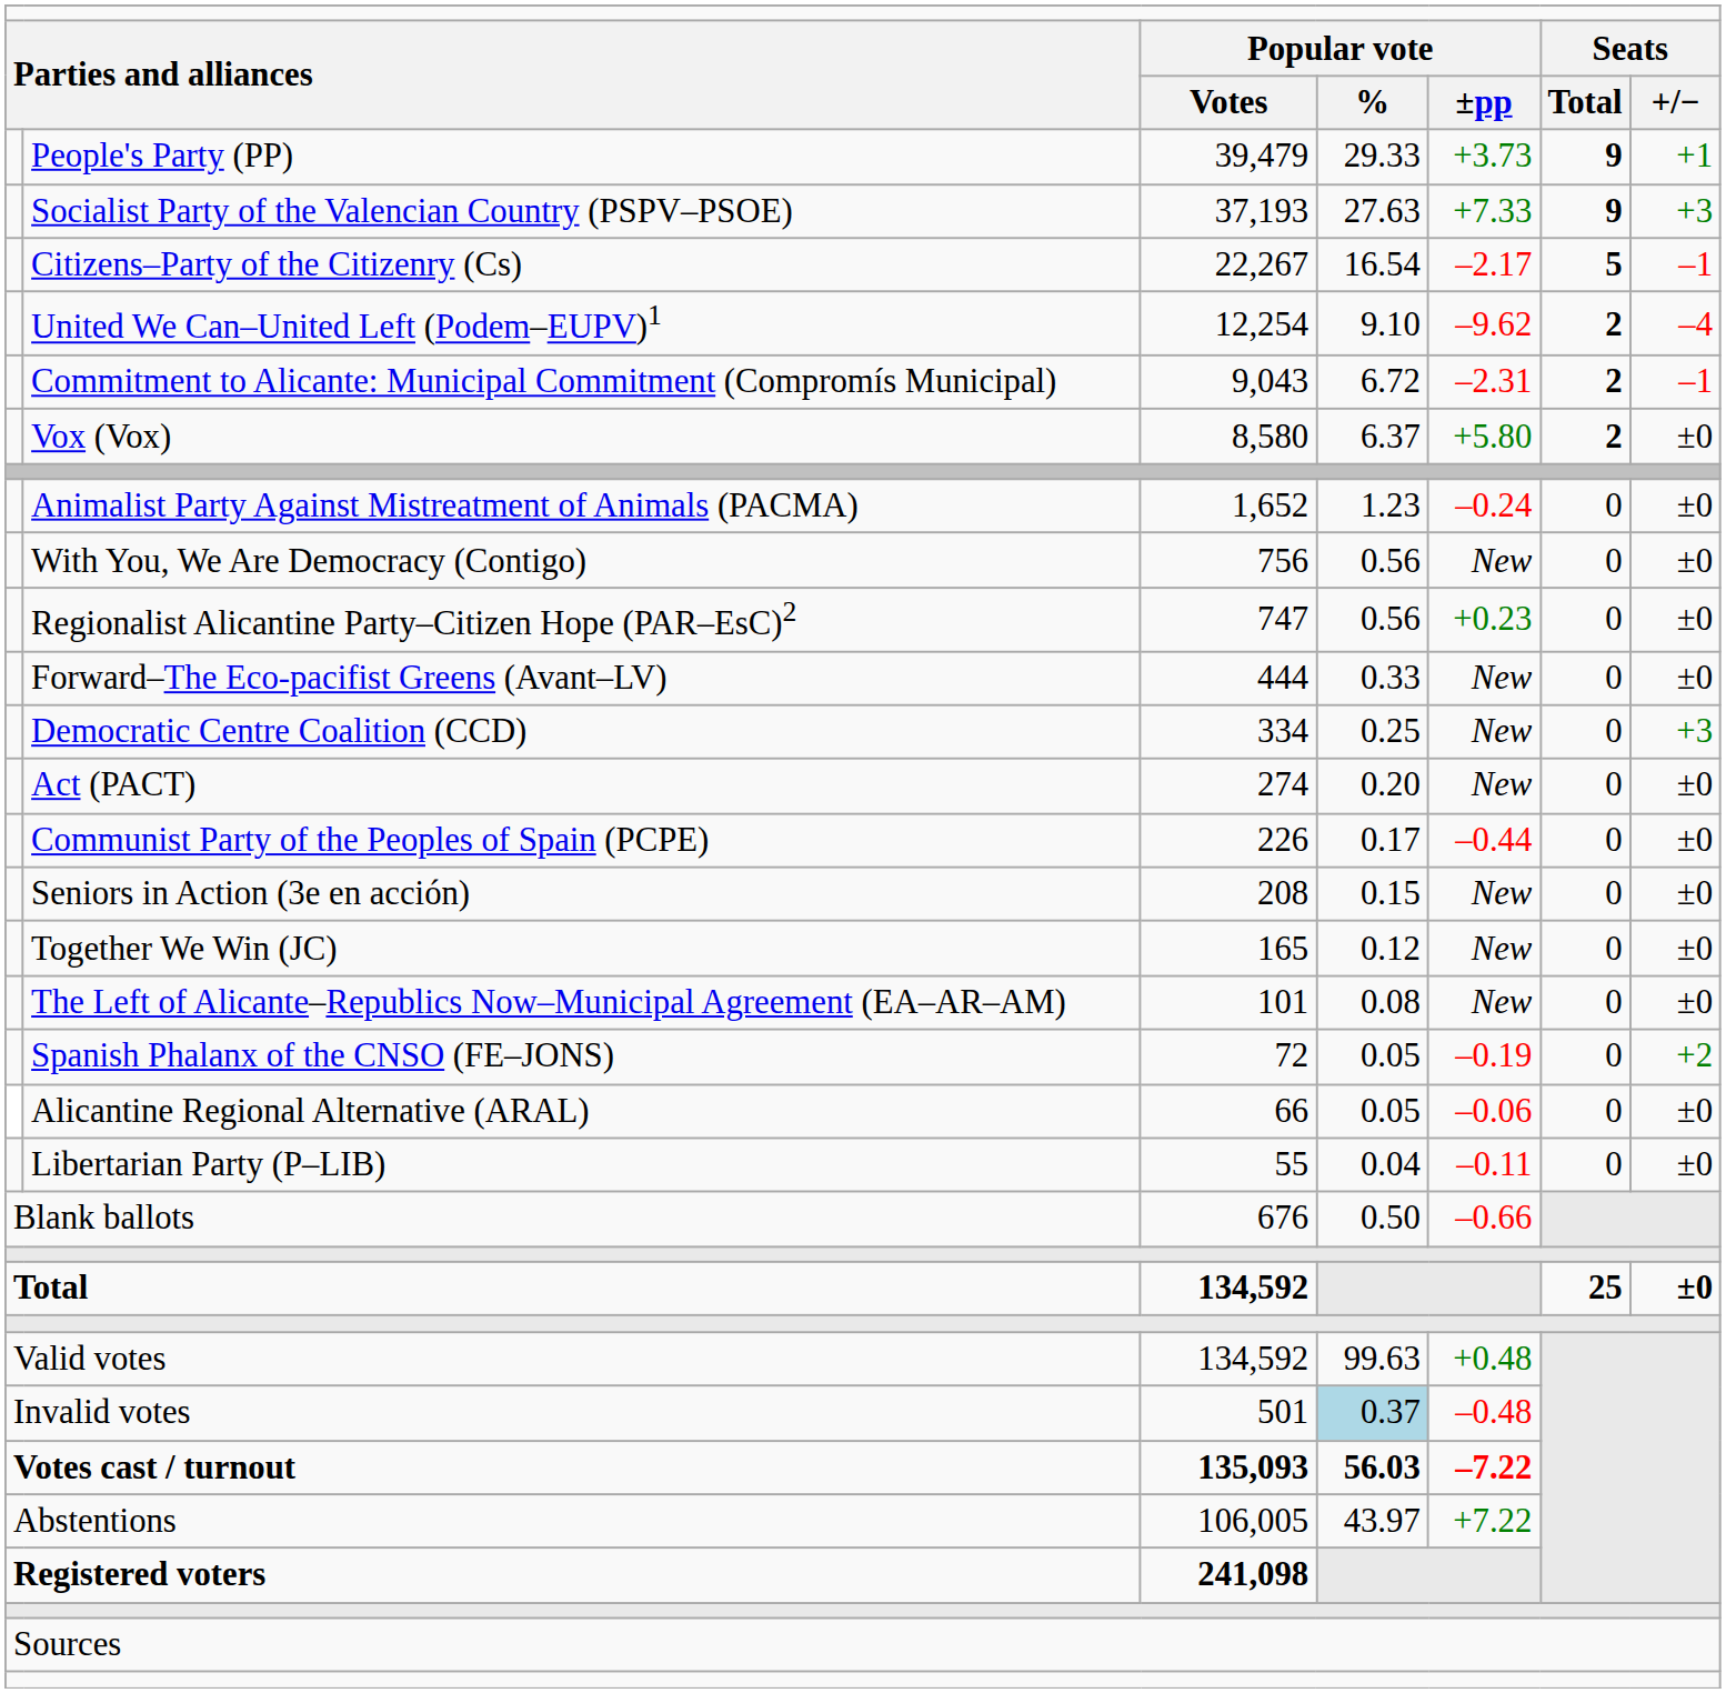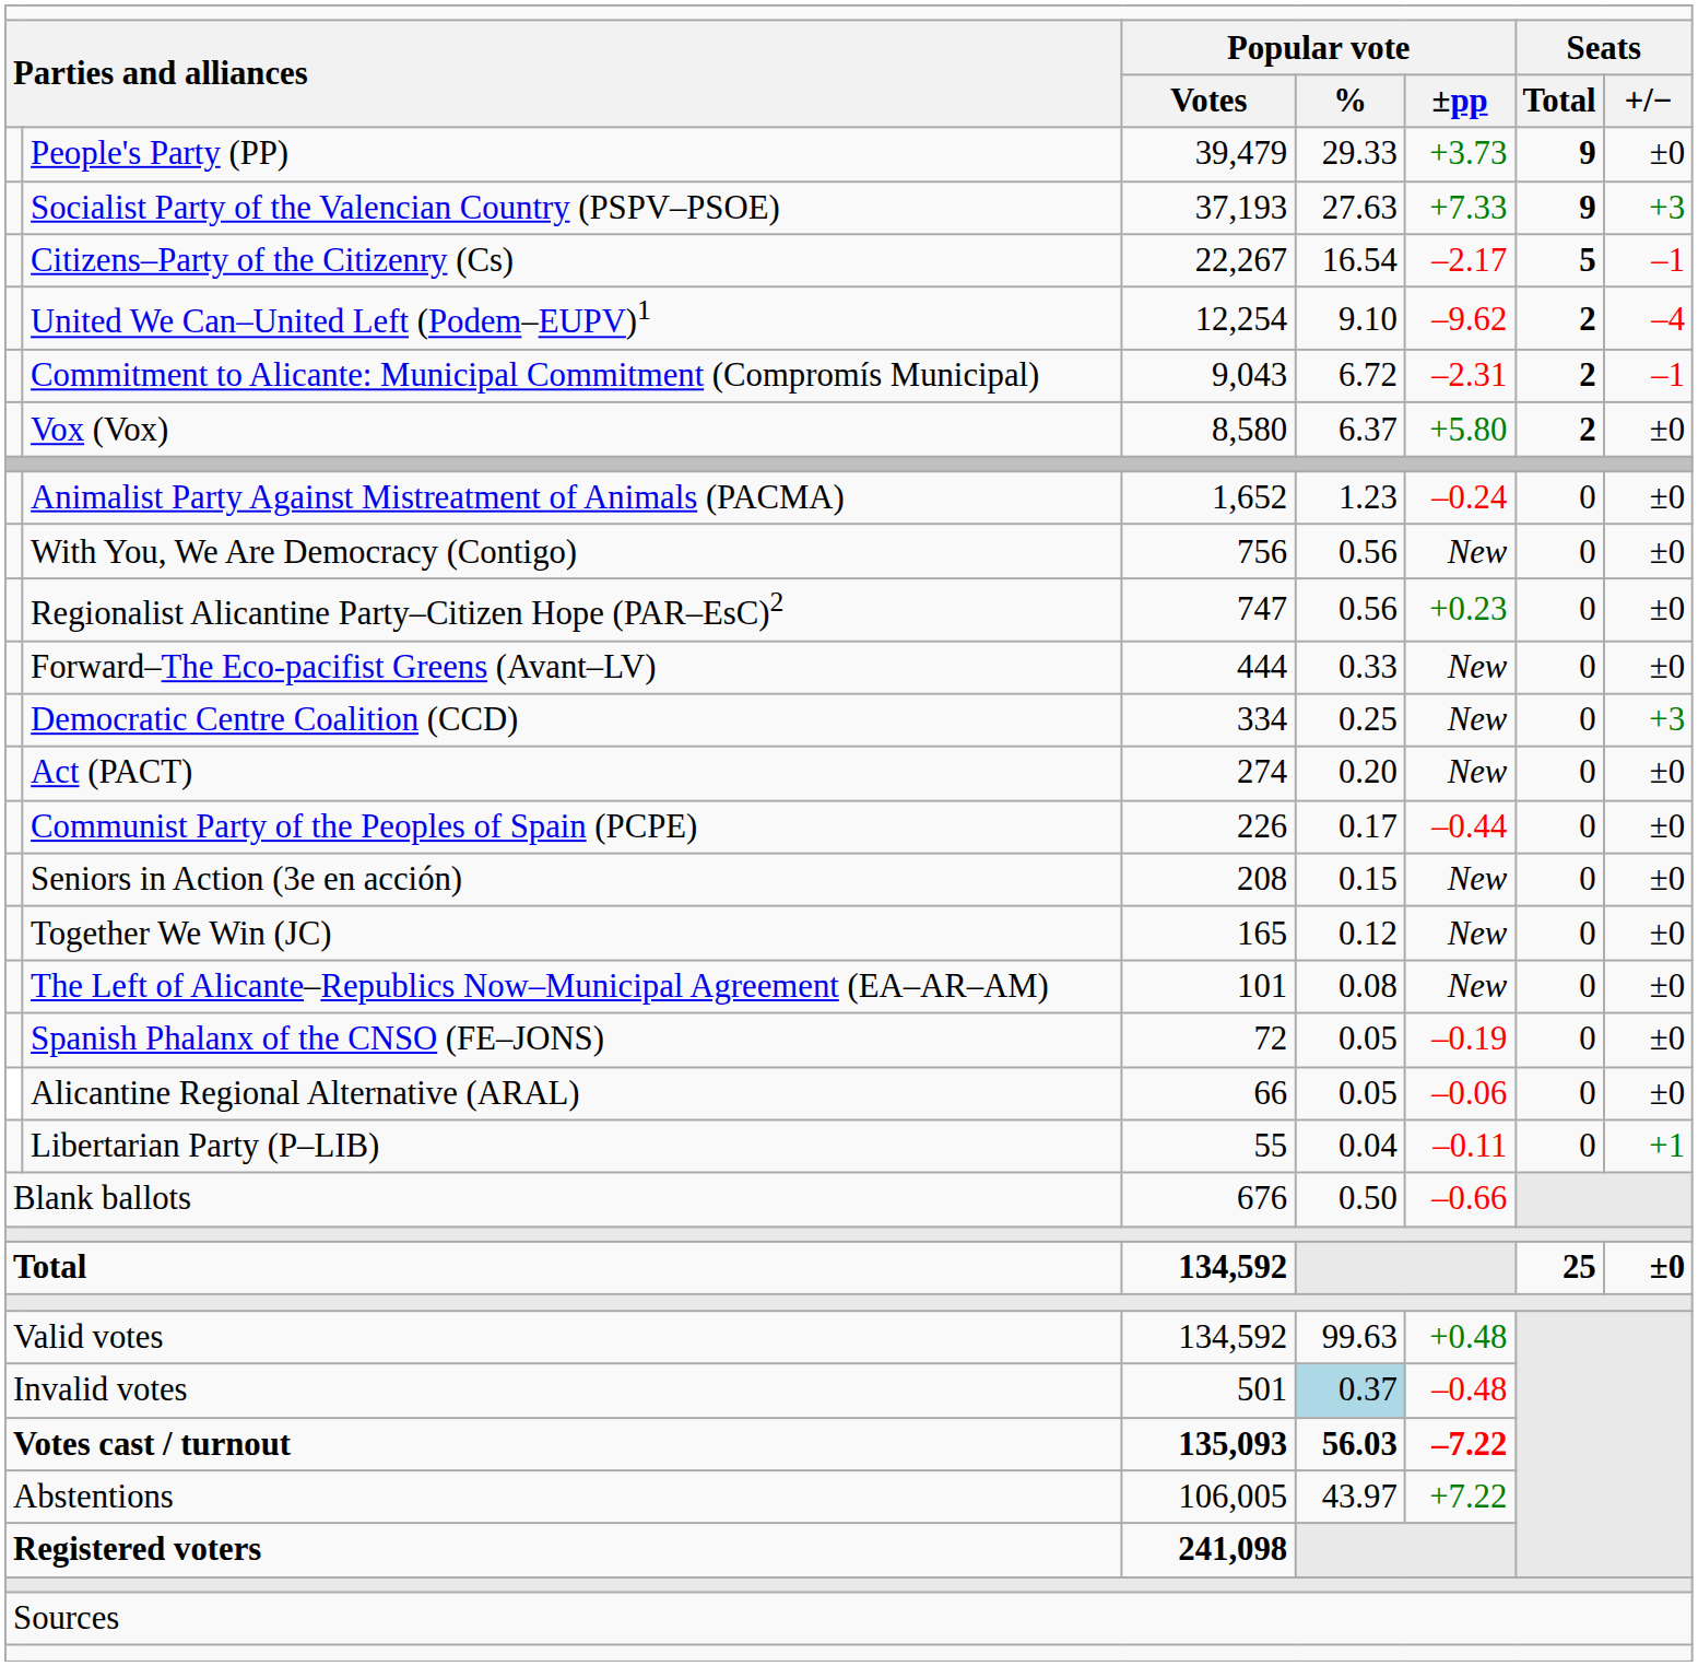 <table class="wikitable" style="text-align:right;">
 <tr>
 <td colspan="7"></td>
 </tr>
 <tr>
 <th style="text-align:left;" rowspan="2" colspan="2" width="525">Parties and alliances</th>
 <th colspan="3">Popular vote</th>
 <th colspan="2">Seats</th>
 </tr>
 <tr>
 <th width="75">Votes</th>
 <th width="45">%</th>
 <th width="45">±<a href='#'>pp</a></th>
 <th width="35">Total</th>
 <th width="35">+/−</th>
 </tr>
 <tr>
 <td width="1" style="color:inherit;background:"></td>
 <td align="left"><a href='#'>People's Party</a> (PP)</td>
 <td>39,479</td>
 <td>29.33</td>
 <td style="color:green;">+3.73</td>
 <td><strong>9</strong></td>
-<td style="color:green;">+1</td>
+<td>±0</td>
 </tr>
 <tr>
 <td style="color:inherit;background:"></td>
 <td align="left"><a href='#'>Socialist Party of the Valencian Country</a> (PSPV–PSOE)</td>
 <td>37,193</td>
 <td>27.63</td>
 <td style="color:green;">+7.33</td>
 <td><strong>9</strong></td>
 <td style="color:green;">+3</td>
 </tr>
 <tr>
 <td style="color:inherit;background:"></td>
 <td align="left"><a href='#'>Citizens–Party of the Citizenry</a> (Cs)</td>
 <td>22,267</td>
 <td>16.54</td>
 <td style="color:red;">–2.17</td>
 <td><strong>5</strong></td>
 <td style="color:red;">–1</td>
 </tr>
 <tr>
 <td style="color:inherit;background:"></td>
 <td align="left"><a href='#'>United We Can–United Left</a> (<a href='#'>Podem</a>–<a href='#'>EUPV</a>)<sup>1</sup></td>
 <td>12,254</td>
 <td>9.10</td>
 <td style="color:red;">–9.62</td>
 <td><strong>2</strong></td>
 <td style="color:red;">–4</td>
 </tr>
 <tr>
 <td style="color:inherit;background:"></td>
 <td align="left"><a href='#'>Commitment to Alicante: Municipal Commitment</a> (Compromís Municipal)</td>
 <td>9,043</td>
 <td>6.72</td>
 <td style="color:red;">–2.31</td>
 <td><strong>2</strong></td>
 <td style="color:red;">–1</td>
 </tr>
 <tr>
 <td style="color:inherit;background:"></td>
 <td align="left"><a href='#'>Vox</a> (Vox)</td>
 <td>8,580</td>
 <td>6.37</td>
 <td style="color:green;">+5.80</td>
 <td><strong>2</strong></td>
 <td>±0</td>
 </tr>
 <tr>
 <td colspan="7" bgcolor="#C0C0C0"></td>
 </tr>
 <tr>
 <td style="color:inherit;background:"></td>
 <td align="left"><a href='#'>Animalist Party Against Mistreatment of Animals</a> (PACMA)</td>
 <td>1,652</td>
 <td>1.23</td>
 <td style="color:red;">–0.24</td>
 <td>0</td>
 <td>±0</td>
 </tr>
 <tr>
 <td style="color:inherit;background:"></td>
 <td align="left">With You, We Are Democracy (Contigo)</td>
 <td>756</td>
 <td>0.56</td>
 <td><em>New</em></td>
 <td>0</td>
 <td>±0</td>
 </tr>
 <tr>
 <td style="color:inherit;background:"></td>
 <td align="left">Regionalist Alicantine Party–Citizen Hope (PAR–EsC)<sup>2</sup></td>
 <td>747</td>
 <td>0.56</td>
 <td style="color:green;">+0.23</td>
 <td>0</td>
 <td>±0</td>
 </tr>
 <tr>
 <td style="color:inherit;background:"></td>
 <td align="left">Forward–<a href='#'>The Eco-pacifist Greens</a> (Avant–LV)</td>
 <td>444</td>
 <td>0.33</td>
 <td><em>New</em></td>
 <td>0</td>
 <td>±0</td>
 </tr>
 <tr>
 <td style="color:inherit;background:"></td>
 <td align="left"><a href='#'>Democratic Centre Coalition</a> (CCD)</td>
 <td>334</td>
 <td>0.25</td>
 <td><em>New</em></td>
 <td>0</td>
 <td style="color:green;">+3</td>
 </tr>
 <tr>
 <td style="color:inherit;background:"></td>
 <td align="left"><a href='#'>Act</a> (PACT)</td>
 <td>274</td>
 <td>0.20</td>
 <td><em>New</em></td>
 <td>0</td>
 <td>±0</td>
 </tr>
 <tr>
 <td style="color:inherit;background:"></td>
 <td align="left"><a href='#'>Communist Party of the Peoples of Spain</a> (PCPE)</td>
 <td>226</td>
 <td>0.17</td>
 <td style="color:red;">–0.44</td>
 <td>0</td>
 <td>±0</td>
 </tr>
 <tr>
 <td style="color:inherit;background:"></td>
 <td align="left">Seniors in Action (3e en acción)</td>
 <td>208</td>
 <td>0.15</td>
 <td><em>New</em></td>
 <td>0</td>
 <td>±0</td>
 </tr>
 <tr>
 <td style="color:inherit;background:"></td>
 <td align="left">Together We Win (JC)</td>
 <td>165</td>
 <td>0.12</td>
 <td><em>New</em></td>
 <td>0</td>
 <td>±0</td>
 </tr>
 <tr>
 <td style="color:inherit;background:"></td>
 <td align="left"><a href='#'>The Left of Alicante</a>–<a href='#'>Republics Now–Municipal Agreement</a> (EA–AR–AM)</td>
 <td>101</td>
 <td>0.08</td>
 <td><em>New</em></td>
 <td>0</td>
 <td>±0</td>
 </tr>
 <tr>
 <td style="color:inherit;background:"></td>
 <td align="left"><a href='#'>Spanish Phalanx of the CNSO</a> (FE–JONS)</td>
 <td>72</td>
 <td>0.05</td>
 <td style="color:red;">–0.19</td>
 <td>0</td>
-<td style="color:green;">+2</td>
+<td>±0</td>
 </tr>
 <tr>
 <td bgcolor="white"></td>
 <td align="left">Alicantine Regional Alternative (ARAL)</td>
 <td>66</td>
 <td>0.05</td>
 <td style="color:red;">–0.06</td>
 <td>0</td>
 <td>±0</td>
 </tr>
 <tr>
 <td style="color:inherit;background:"></td>
 <td align="left">Libertarian Party (P–LIB)</td>
 <td>55</td>
 <td>0.04</td>
 <td style="color:red;">–0.11</td>
 <td>0</td>
-<td>±0</td>
+<td style="color:green;">+1</td>
 </tr>
 <tr>
 <td align="left" colspan="2">Blank ballots</td>
 <td>676</td>
 <td>0.50</td>
 <td style="color:red;">–0.66</td>
 <td bgcolor="#E9E9E9" colspan="2"></td>
 </tr>
 <tr>
 <td colspan="7" bgcolor="#E9E9E9"></td>
 </tr>
 <tr style="font-weight:bold;">
 <td align="left" colspan="2">Total</td>
 <td>134,592</td>
 <td bgcolor="#E9E9E9" colspan="2"></td>
 <td>25</td>
 <td>±0</td>
 </tr>
 <tr>
 <td colspan="7" bgcolor="#E9E9E9"></td>
 </tr>
 <tr>
 <td align="left" colspan="2">Valid votes</td>
 <td>134,592</td>
 <td>99.63</td>
 <td style="color:green;">+0.48</td>
 <td bgcolor="#E9E9E9" colspan="2" rowspan="5"></td>
 </tr>
 <tr>
 <td align="left" colspan="2">Invalid votes</td>
 <td>501</td>
 <td style="background: lightblue;">0.37</td>
 <td style="color:red;">–0.48</td>
 </tr>
 <tr style="font-weight:bold;">
 <td align="left" colspan="2">Votes cast / turnout</td>
 <td>135,093</td>
 <td>56.03</td>
 <td style="color:red;">–7.22</td>
 </tr>
 <tr>
 <td align="left" colspan="2">Abstentions</td>
 <td>106,005</td>
 <td>43.97</td>
 <td style="color:green;">+7.22</td>
 </tr>
 <tr style="font-weight:bold;">
 <td align="left" colspan="2">Registered voters</td>
 <td>241,098</td>
 <td bgcolor="#E9E9E9" colspan="2"></td>
 </tr>
 <tr>
 <td colspan="7" bgcolor="#E9E9E9"></td>
 </tr>
 <tr>
 <td align="left" colspan="7">Sources</td>
 </tr>
 <tr>
 <td colspan="7" style="text-align:left; max-width:790px;"></td>
 </tr>
 </table>
